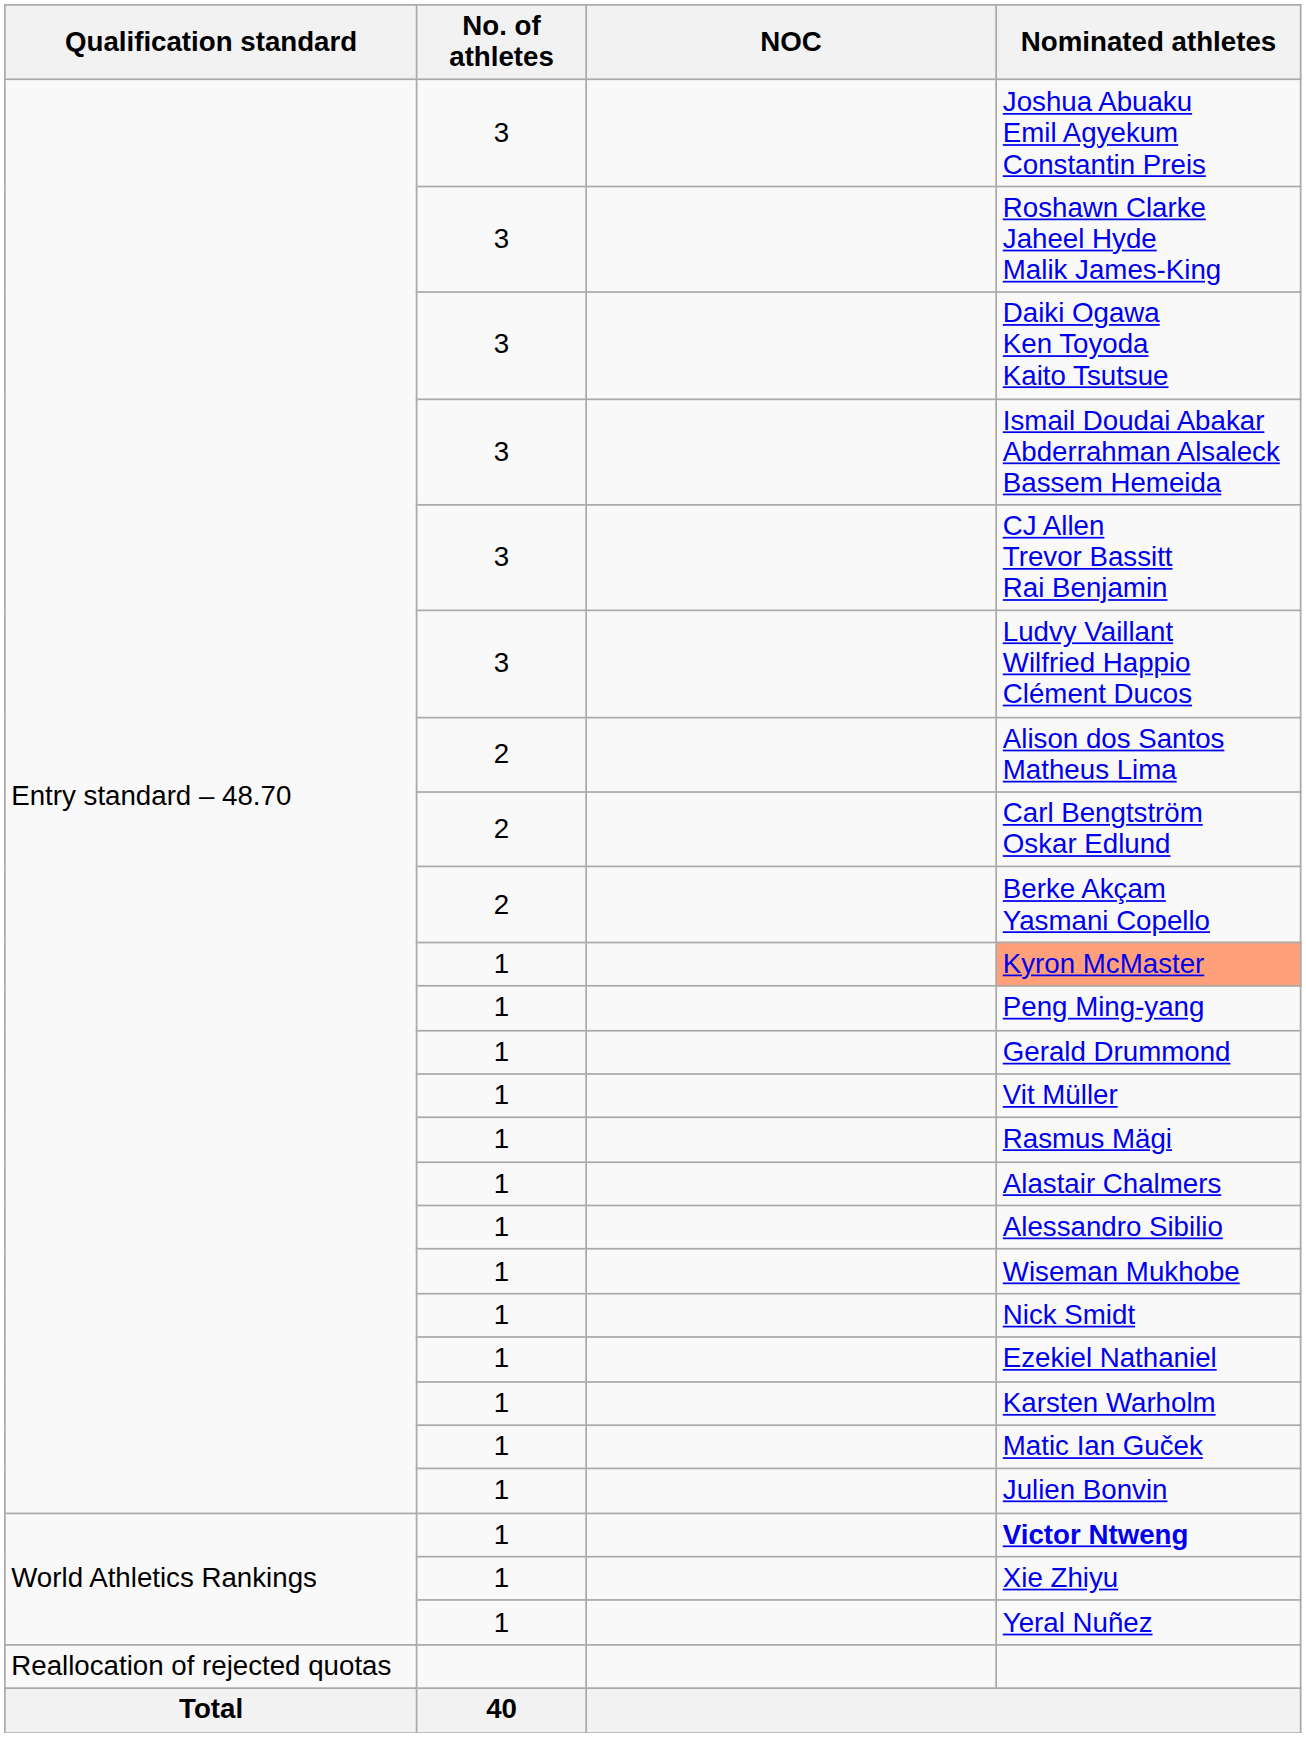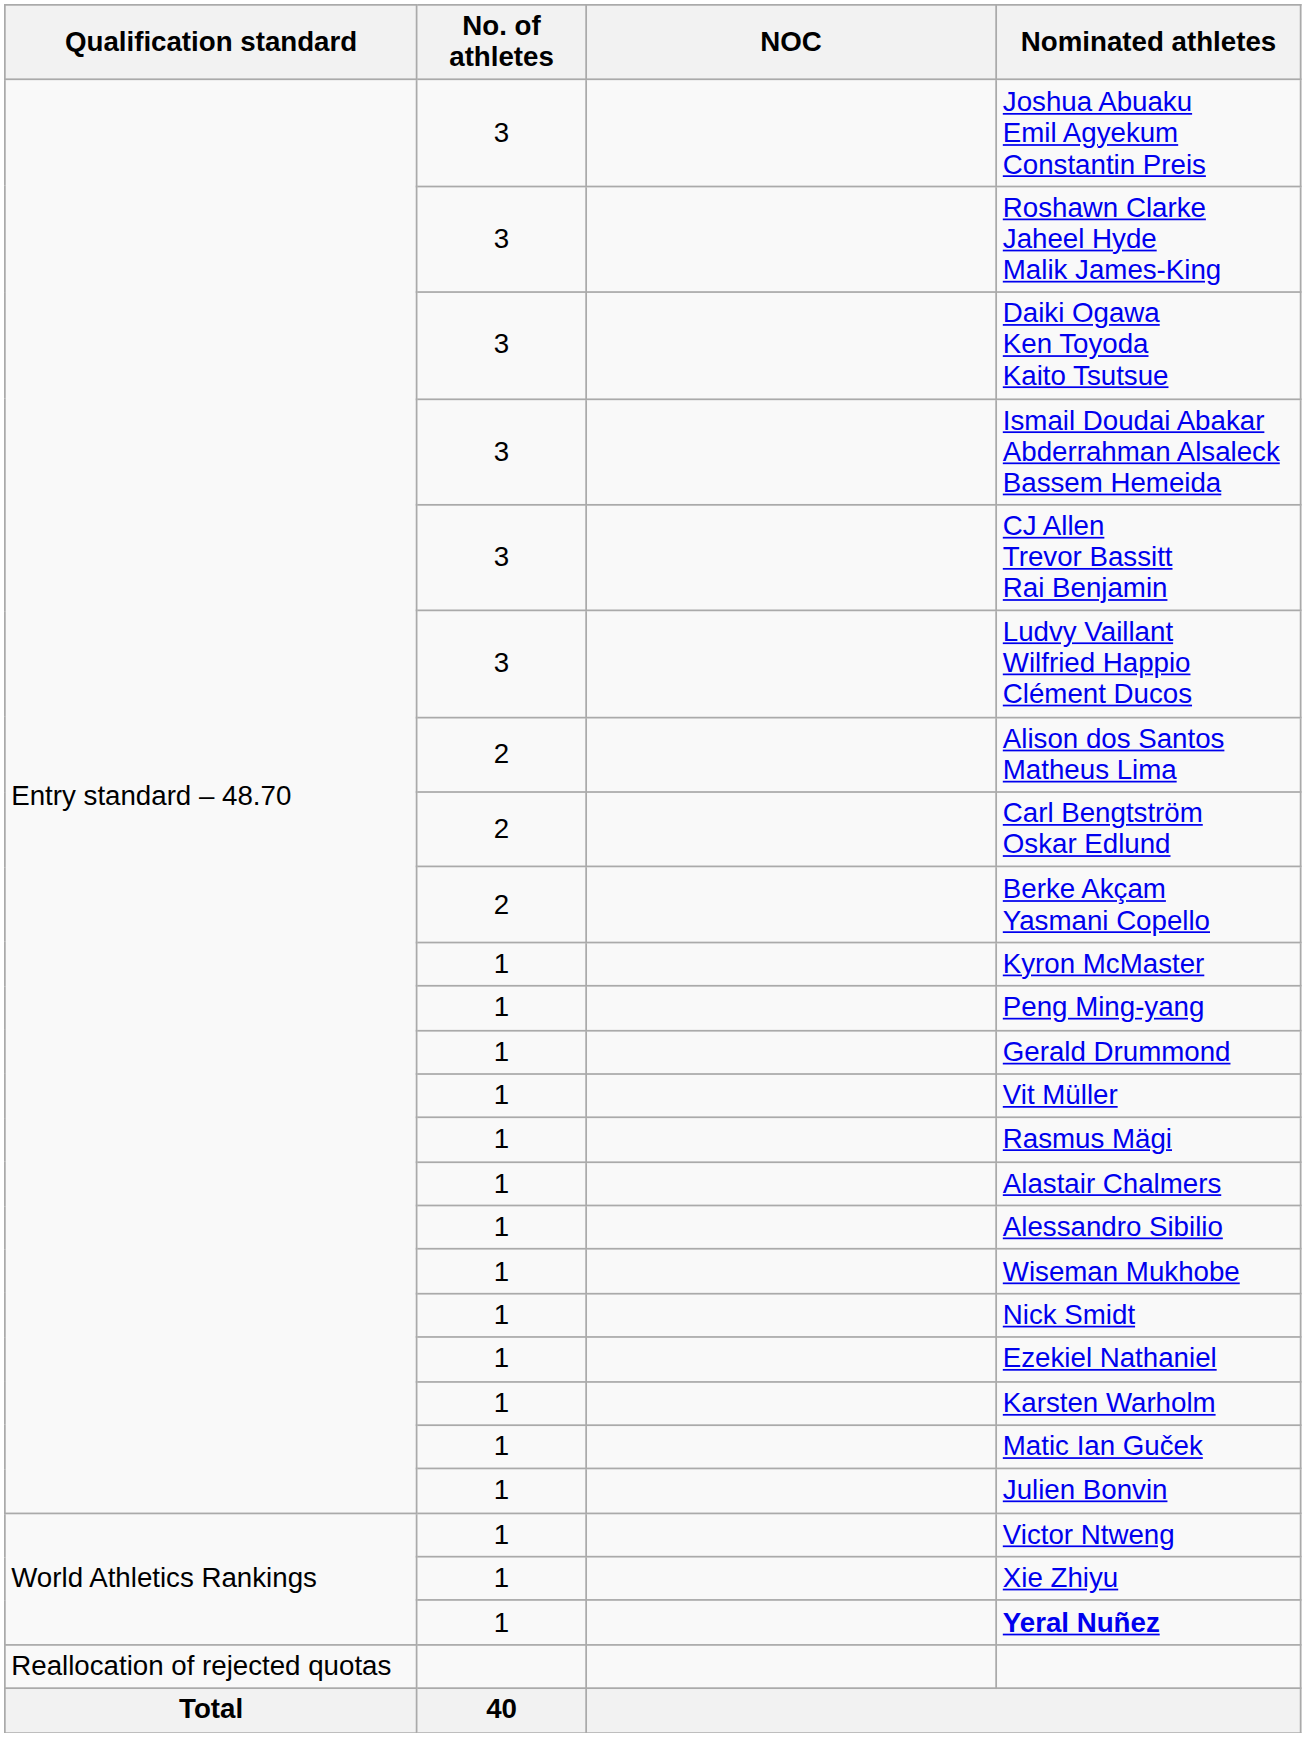 <table class="wikitable sortable" style="text-align:left; width:750px;">
 <tr>
 <th>Qualification standard</th>
 <th width=90>No. of athletes</th>
 <th width=230>NOC</th>
 <th>Nominated athletes</th>
 </tr>
 <tr>
 <td rowspan=22>Entry standard – 48.70</td>
 <td align=center>3</td>
 <td></td>
 <td><a href='#'>Joshua Abuaku</a><br><a href='#'>Emil Agyekum</a><br><a href='#'>Constantin Preis</a></td>
 </tr>
 <tr>
 <td align=center>3</td>
 <td></td>
 <td><a href='#'>Roshawn Clarke</a><br><a href='#'>Jaheel Hyde</a><br><a href='#'>Malik James-King</a></td>
 </tr>
 <tr>
 <td align=center>3</td>
 <td></td>
 <td><a href='#'>Daiki Ogawa</a><br><a href='#'>Ken Toyoda</a><br><a href='#'>Kaito Tsutsue</a></td>
 </tr>
 <tr>
 <td align=center>3</td>
 <td></td>
 <td><a href='#'>Ismail Doudai Abakar</a><br><a href='#'>Abderrahman Alsaleck</a><br><a href='#'>Bassem Hemeida</a></td>
 </tr>
 <tr>
 <td align=center>3</td>
 <td></td>
 <td><a href='#'>CJ Allen</a><br><a href='#'>Trevor Bassitt</a><br><a href='#'>Rai Benjamin</a></td>
 </tr>
 <tr>
 <td align=center>3</td>
 <td></td>
 <td><a href='#'>Ludvy Vaillant</a><br><a href='#'>Wilfried Happio</a><br><a href='#'>Clément Ducos</a></td>
 </tr>
 <tr>
 <td align=center>2</td>
 <td></td>
 <td><a href='#'>Alison dos Santos</a><br><a href='#'>Matheus Lima</a></td>
 </tr>
 <tr>
 <td align=center>2</td>
 <td></td>
 <td><a href='#'>Carl Bengtström</a><br><a href='#'>Oskar Edlund</a></td>
 </tr>
 <tr>
 <td align=center>2</td>
 <td></td>
 <td><a href='#'>Berke Akçam</a><br><a href='#'>Yasmani Copello</a></td>
 </tr>
 <tr>
 <td align=center>1</td>
 <td></td>
-<td style="background: lightsalmon;"><a href='#'>Kyron McMaster</a></td>
+<td><a href='#'>Kyron McMaster</a></td>
 </tr>
 <tr>
 <td align=center>1</td>
 <td></td>
 <td><a href='#'>Peng Ming-yang</a></td>
 </tr>
 <tr>
 <td align=center>1</td>
 <td></td>
 <td><a href='#'>Gerald Drummond</a></td>
 </tr>
 <tr>
 <td align=center>1</td>
 <td></td>
 <td><a href='#'>Vit Müller</a></td>
 </tr>
 <tr>
 <td align=center>1</td>
 <td></td>
 <td><a href='#'>Rasmus Mägi</a></td>
 </tr>
 <tr>
 <td align=center>1</td>
 <td></td>
 <td><a href='#'>Alastair Chalmers</a></td>
 </tr>
 <tr>
 <td align=center>1</td>
 <td></td>
 <td><a href='#'>Alessandro Sibilio</a></td>
 </tr>
 <tr>
 <td align=center>1</td>
 <td></td>
 <td><a href='#'>Wiseman Mukhobe</a></td>
 </tr>
 <tr>
 <td align=center>1</td>
 <td></td>
 <td><a href='#'>Nick Smidt</a></td>
 </tr>
 <tr>
 <td align=center>1</td>
 <td></td>
 <td><a href='#'>Ezekiel Nathaniel</a></td>
 </tr>
 <tr>
 <td align=center>1</td>
 <td></td>
 <td><a href='#'>Karsten Warholm</a></td>
 </tr>
 <tr>
 <td align=center>1</td>
 <td></td>
 <td><a href='#'>Matic Ian Guček</a></td>
 </tr>
 <tr>
 <td align=center>1</td>
 <td></td>
 <td><a href='#'>Julien Bonvin</a></td>
 </tr>
 <tr>
 <td rowspan =3>World Athletics Rankings</td>
 <td align=center>1</td>
 <td></td>
-<td><strong><a href='#'>Victor Ntweng</a></strong></td>
+<td><a href='#'>Victor Ntweng</a></td>
 </tr>
 <tr>
 <td align=center>1</td>
 <td></td>
 <td><a href='#'>Xie Zhiyu</a></td>
 </tr>
 <tr>
 <td align=center>1</td>
 <td></td>
-<td><a href='#'>Yeral Nuñez</a></td>
+<td><strong><a href='#'>Yeral Nuñez</a></strong></td>
 </tr>
 <tr>
 <td>Reallocation of rejected quotas</td>
 <td align=center></td>
 <td></td>
 <td></td>
 </tr>
 <tr>
 <th>Total</th>
 <th>40</th>
 <th colspan=2></th>
 </tr>
 </table>
